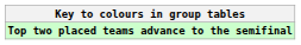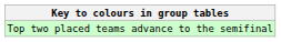 <table class="wikitable">
 <tr>
 <th>Key to colours in group tables</th>
 </tr>
 <tr bgcolor=#ccffcc>
-<td><strong>Top two placed teams advance to the semifinal</strong></td>
+<td>Top two placed teams advance to the semifinal</td>
 </tr>
 </table>
